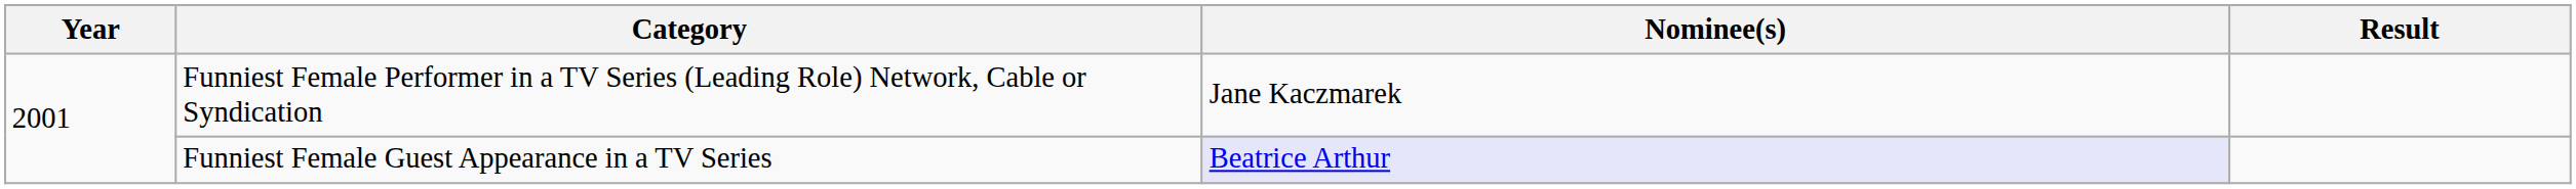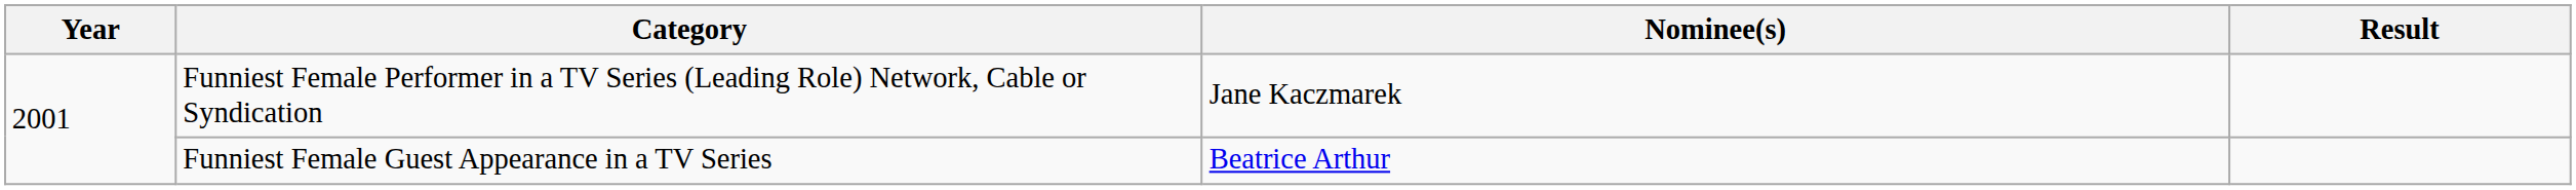 <table class="wikitable" style="font-size: 90%" width=100%>
 <tr>
 <th width="5%">Year</th>
 <th width="30%">Category</th>
 <th width="30%">Nominee(s)</th>
 <th width="10%">Result</th>
 </tr>
 <tr>
 <td rowspan="2">2001</td>
 <td>Funniest Female Performer in a TV Series (Leading Role) Network, Cable or Syndication</td>
 <td>Jane Kaczmarek</td>
 <td></td>
 </tr>
 <tr>
 <td>Funniest Female Guest Appearance in a TV Series</td>
-<td style="background: lavender;"><a href='#'>Beatrice Arthur</a></td>
+<td><a href='#'>Beatrice Arthur</a></td>
 <td></td>
 </tr>
 </table>
